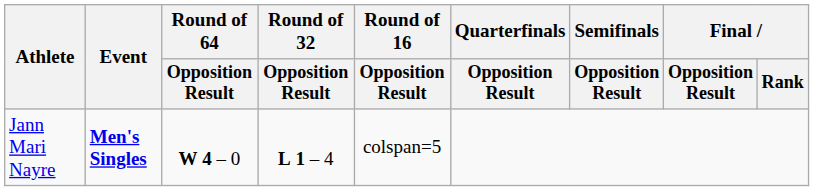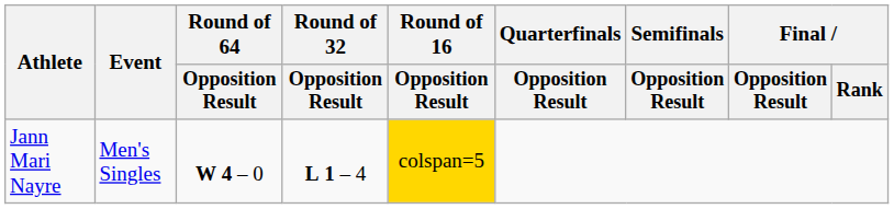 <table class="wikitable" style="font-size:90%">
 <tr>
 <th rowspan=2>Athlete</th>
 <th rowspan=2>Event</th>
 <th>Round of 64</th>
 <th>Round of 32</th>
 <th>Round of 16</th>
 <th>Quarterfinals</th>
 <th>Semifinals</th>
 <th colspan=2>Final / </th>
 </tr>
 <tr style="font-size:95%">
 <th>Opposition<br>Result</th>
 <th>Opposition<br>Result</th>
 <th>Opposition<br>Result</th>
 <th>Opposition<br>Result</th>
 <th>Opposition<br>Result</th>
 <th>Opposition<br>Result</th>
 <th>Rank</th>
 </tr>
 <tr align=center>
 <td align=left><a href='#'>Jann Mari Nayre</a></td>
-<td align=left><strong><a href='#'>Men's Singles</a></strong></td>
+<td align=left><a href='#'>Men's Singles</a></td>
 <td align=center> <br> <strong>W</strong> <strong>4</strong> – 0</td>
 <td align=center><br> <strong>L</strong> <strong>1</strong> – 4</td>
-<td>colspan=5</td>
+<td style="background: gold;">colspan=5</td>
 </tr>
 </table>
